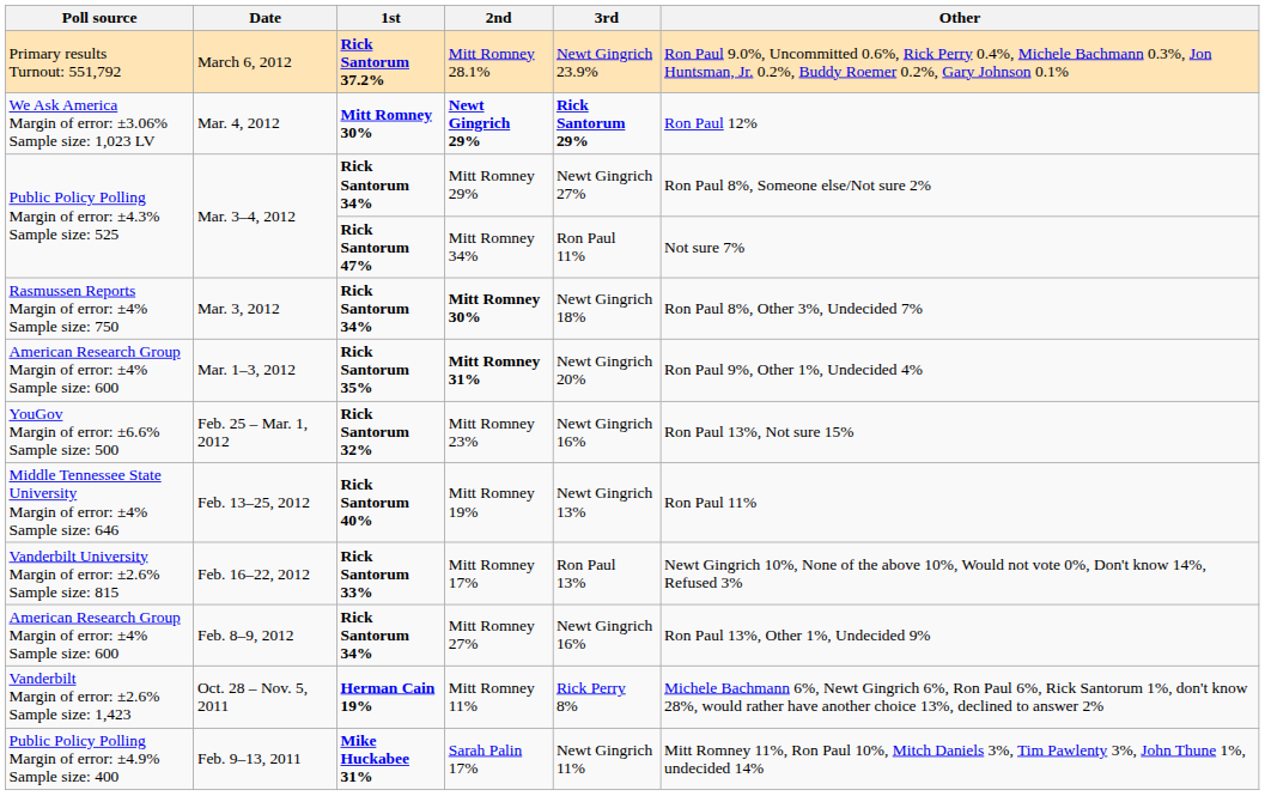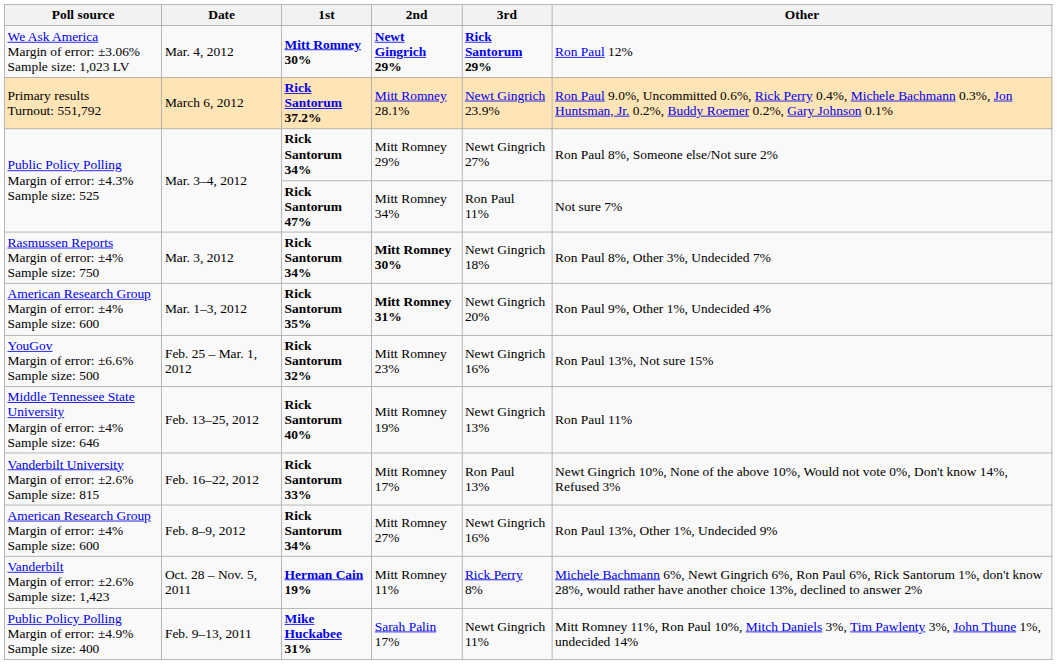 <table class="wikitable">
 <tr>
 <th style="width:180px;">Poll source</th>
 <th style="width:135px;">Date</th>
 <th style="width:100px;">1st</th>
 <th style="width:100px;">2nd</th>
 <th style="width:100px;">3rd</th>
 <th>Other</th>
 </tr>
+<tr>
+<td><a href='#'>We Ask America</a><br>Margin of error: ±3.06% <br>Sample size: 1,023 LV</td>
+<td>Mar. 4, 2012</td>
+<td><strong><a href='#'>Mitt Romney</a><br>30%</strong></td>
+<td><strong><a href='#'>Newt Gingrich</a><br>29%</strong></td>
+<td><strong><a href='#'>Rick Santorum</a><br>29%</strong></td>
+<td><a href='#'>Ron Paul</a> 12%</td>
+</tr>
 <tr style="background:Moccasin;">
 <td>Primary results<br>Turnout: 551,792</td>
 <td>March 6, 2012</td>
 <td><strong><a href='#'>Rick Santorum</a> 37.2% </strong></td>
 <td><a href='#'>Mitt Romney</a><br>28.1%</td>
 <td><a href='#'>Newt Gingrich</a><br>23.9%</td>
 <td><a href='#'>Ron Paul</a> 9.0%, Uncommitted 0.6%, <a href='#'>Rick Perry</a> 0.4%, <a href='#'>Michele Bachmann</a> 0.3%, <a href='#'>Jon Huntsman, Jr.</a> 0.2%, <a href='#'>Buddy Roemer</a> 0.2%, <a href='#'>Gary Johnson</a> 0.1%</td>
-</tr>
-<tr>
-<td><a href='#'>We Ask America</a><br>Margin of error: ±3.06% <br>Sample size: 1,023 LV</td>
-<td>Mar. 4, 2012</td>
-<td><strong><a href='#'>Mitt Romney</a><br>30%</strong></td>
-<td><strong><a href='#'>Newt Gingrich</a><br>29%</strong></td>
-<td><strong><a href='#'>Rick Santorum</a><br>29%</strong></td>
-<td><a href='#'>Ron Paul</a> 12%</td>
 </tr>
 <tr>
 <td rowspan=2><a href='#'>Public Policy Polling</a><br>Margin of error: ±4.3% <br>Sample size: 525</td>
 <td rowspan=2>Mar. 3–4, 2012</td>
 <td><strong>Rick Santorum<br> 34%</strong></td>
 <td>Mitt Romney<br> 29%</td>
 <td>Newt Gingrich<br> 27%</td>
 <td>Ron Paul 8%, Someone else/Not sure 2%</td>
 </tr>
 <tr>
 <td><strong>Rick Santorum<br>47%</strong></td>
 <td>Mitt Romney<br>34%</td>
 <td>Ron Paul<br>11%</td>
 <td>Not sure 7%</td>
 </tr>
 <tr>
 <td><a href='#'>Rasmussen Reports</a><br>Margin of error: ±4% <br>Sample size: 750</td>
 <td>Mar. 3, 2012</td>
 <td><strong>Rick Santorum<br>34%</strong></td>
 <td><strong>Mitt Romney<br>30%</strong></td>
 <td>Newt Gingrich<br>18%</td>
 <td>Ron Paul 8%, Other 3%, Undecided 7%</td>
 </tr>
 <tr>
 <td><a href='#'>American Research Group</a><br>Margin of error: ±4% <br>Sample size: 600</td>
 <td>Mar. 1–3, 2012</td>
 <td><strong>Rick Santorum<br>35%</strong></td>
 <td><strong>Mitt Romney<br>31%</strong></td>
 <td>Newt Gingrich<br>20%</td>
 <td>Ron Paul 9%, Other 1%, Undecided 4%</td>
 </tr>
 <tr>
 <td><a href='#'>YouGov</a><br>Margin of error: ±6.6% <br>Sample size: 500</td>
 <td>Feb. 25 – Mar. 1, 2012</td>
 <td><strong>Rick Santorum<br>32%</strong></td>
 <td>Mitt Romney<br>23%</td>
 <td>Newt Gingrich<br>16%</td>
 <td>Ron Paul 13%, Not sure 15%</td>
 </tr>
 <tr>
 <td><a href='#'>Middle Tennessee State University</a><br>Margin of error: ±4% <br>Sample size: 646</td>
 <td>Feb. 13–25, 2012</td>
 <td><strong>Rick Santorum<br>40%</strong></td>
 <td>Mitt Romney<br>19%</td>
 <td>Newt Gingrich<br>13%</td>
 <td>Ron Paul 11%</td>
 </tr>
 <tr>
 <td><a href='#'>Vanderbilt University</a><br>Margin of error: ±2.6% <br>Sample size: 815</td>
 <td>Feb. 16–22, 2012</td>
 <td><strong>Rick Santorum<br>33%</strong></td>
 <td>Mitt Romney<br>17%</td>
 <td>Ron Paul<br>13%</td>
 <td>Newt Gingrich 10%, None of the above 10%, Would not vote 0%, Don't know 14%, Refused 3%</td>
 </tr>
 <tr>
 <td><a href='#'>American Research Group</a><br>Margin of error: ±4% <br>Sample size: 600</td>
 <td>Feb. 8–9, 2012</td>
 <td><strong>Rick Santorum<br>34%</strong></td>
 <td>Mitt Romney<br>27%</td>
 <td>Newt Gingrich<br>16%</td>
 <td>Ron Paul 13%, Other 1%, Undecided 9%</td>
 </tr>
 <tr>
 <td><a href='#'>Vanderbilt</a><br>Margin of error: ±2.6% <br>Sample size: 1,423</td>
 <td>Oct. 28 – Nov. 5, 2011</td>
 <td><strong><a href='#'>Herman Cain</a><br> 19%</strong></td>
 <td>Mitt Romney<br> 11%</td>
 <td><a href='#'>Rick Perry</a><br> 8%</td>
 <td><a href='#'>Michele Bachmann</a> 6%, Newt Gingrich 6%, Ron Paul 6%, Rick Santorum 1%, don't know 28%, would rather have another choice 13%, declined to answer 2%</td>
 </tr>
 <tr>
 <td><a href='#'>Public Policy Polling</a><br>Margin of error: ±4.9% <br>Sample size: 400</td>
 <td>Feb. 9–13, 2011</td>
 <td><strong><a href='#'>Mike Huckabee</a><br> 31%</strong></td>
 <td><a href='#'>Sarah Palin</a><br> 17%</td>
 <td>Newt Gingrich<br> 11%</td>
 <td>Mitt Romney 11%, Ron Paul 10%, <a href='#'>Mitch Daniels</a> 3%, <a href='#'>Tim Pawlenty</a> 3%, <a href='#'>John Thune</a> 1%, undecided 14%</td>
 </tr>
 </table>
